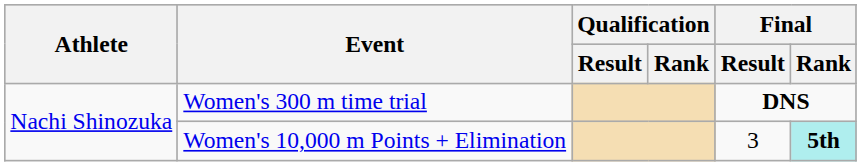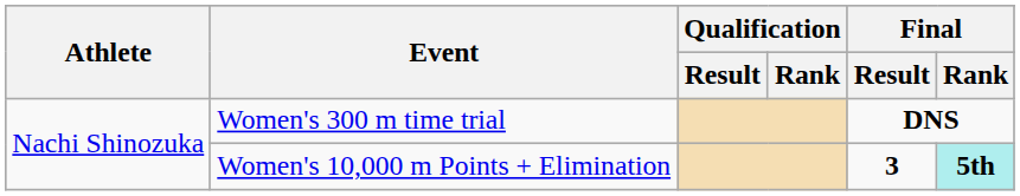 <table class="wikitable" border="1" style="font-size:90%">
 <tr>
 <th rowspan=2>Athlete</th>
 <th rowspan=2>Event</th>
 <th colspan=2>Qualification</th>
 <th colspan=2>Final</th>
 </tr>
 <tr>
 <th>Result</th>
 <th>Rank</th>
 <th>Result</th>
 <th>Rank</th>
 </tr>
 <tr>
 <td rowspan=2><a href='#'>Nachi Shinozuka</a></td>
 <td><a href='#'>Women's 300 m time trial</a></td>
 <td bgcolor=wheat colspan="2"></td>
 <td align=center colspan="2"><strong>DNS</strong></td>
 </tr>
 <tr>
 <td><a href='#'>Women's 10,000 m Points + Elimination</a></td>
 <td bgcolor=wheat colspan="2"></td>
-<td align=center>3</td>
+<td align=center><strong>3</strong></td>
 <td align=center style="background: paleturquoise;"><strong>5th</strong></td>
 </tr>
 </table>
